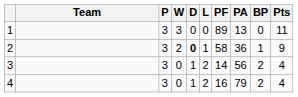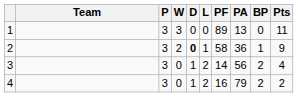 <table class="wikitable" style="text-align:center;">
 <tr>
 <th></th>
 <th width="200px">Team</th>
 <th>P</th>
 <th>W</th>
 <th>D</th>
 <th>L</th>
 <th>PF</th>
 <th>PA</th>
 <th>BP</th>
 <th>Pts</th>
 </tr>
 <tr>
 <td>1</td>
 <td></td>
 <td>3</td>
 <td>3</td>
 <td>0</td>
 <td>0</td>
 <td>89</td>
 <td>13</td>
 <td>0</td>
 <td>11</td>
 </tr>
 <tr>
 <td>2</td>
 <td></td>
 <td>3</td>
 <td>2</td>
 <td><strong>0</strong></td>
 <td>1</td>
 <td>58</td>
 <td>36</td>
 <td>1</td>
 <td>9</td>
 </tr>
 <tr>
 <td>3</td>
 <td></td>
 <td>3</td>
 <td>0</td>
 <td>1</td>
 <td>2</td>
 <td>14</td>
 <td>56</td>
 <td>2</td>
 <td>4</td>
 </tr>
 <tr>
 <td>4</td>
 <td></td>
 <td>3</td>
 <td>0</td>
 <td>1</td>
 <td>2</td>
 <td>16</td>
 <td>79</td>
 <td>2</td>
-<td>4</td>
+<td>2</td>
 </tr>
 </table>
